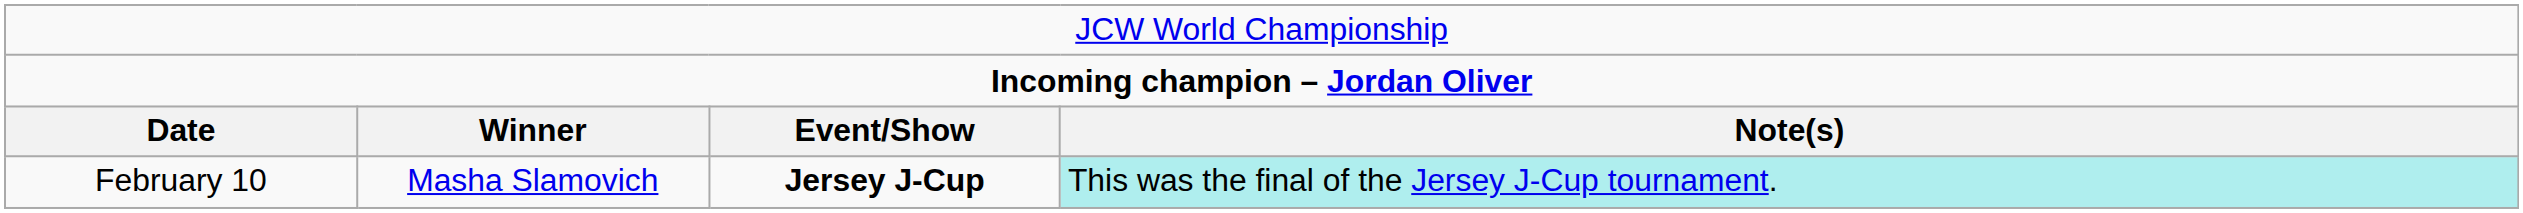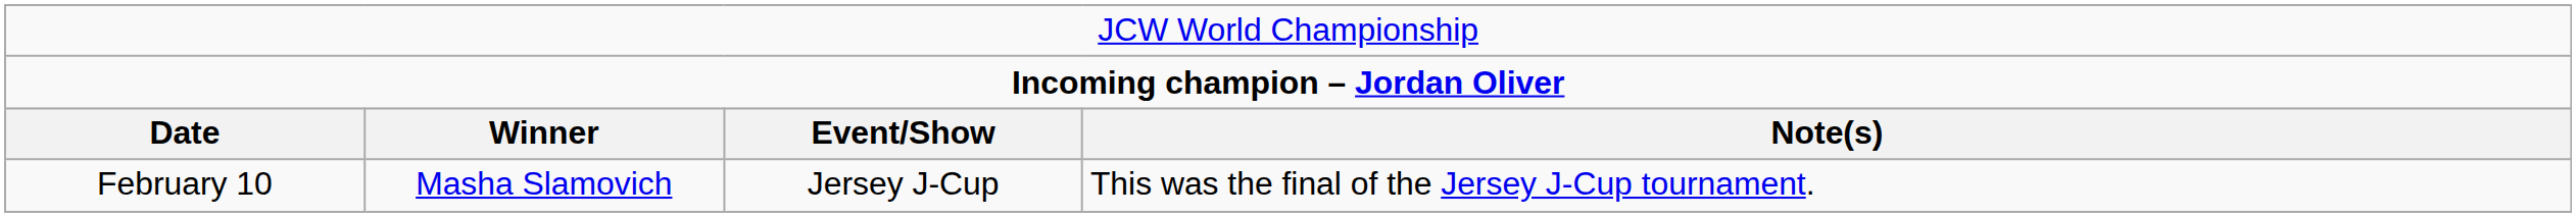 <table class="wikitable" style="text-align:center; width:100%;">
 <tr>
 <td colspan="4" style="text-align: center;"><a href='#'>JCW World Championship</a></td>
 </tr>
 <tr>
 <td colspan="4" style="text-align: center;"><strong>Incoming champion – <a href='#'>Jordan Oliver</a></strong></td>
 </tr>
 <tr>
 <th width=14%>Date</th>
 <th width=14%>Winner</th>
 <th width=14%>Event/Show</th>
 <th width=58%>Note(s)</th>
 </tr>
 <tr>
 <td>February 10</td>
 <td><a href='#'>Masha Slamovich</a></td>
-<td><strong>Jersey J-Cup<br></strong></td>
-<td align=left style="background: paleturquoise;">This was the final of the <a href='#'>Jersey J-Cup tournament</a>.</td>
+<td>Jersey J-Cup<br></td>
+<td align=left>This was the final of the <a href='#'>Jersey J-Cup tournament</a>.</td>
 </tr>
 </table>
